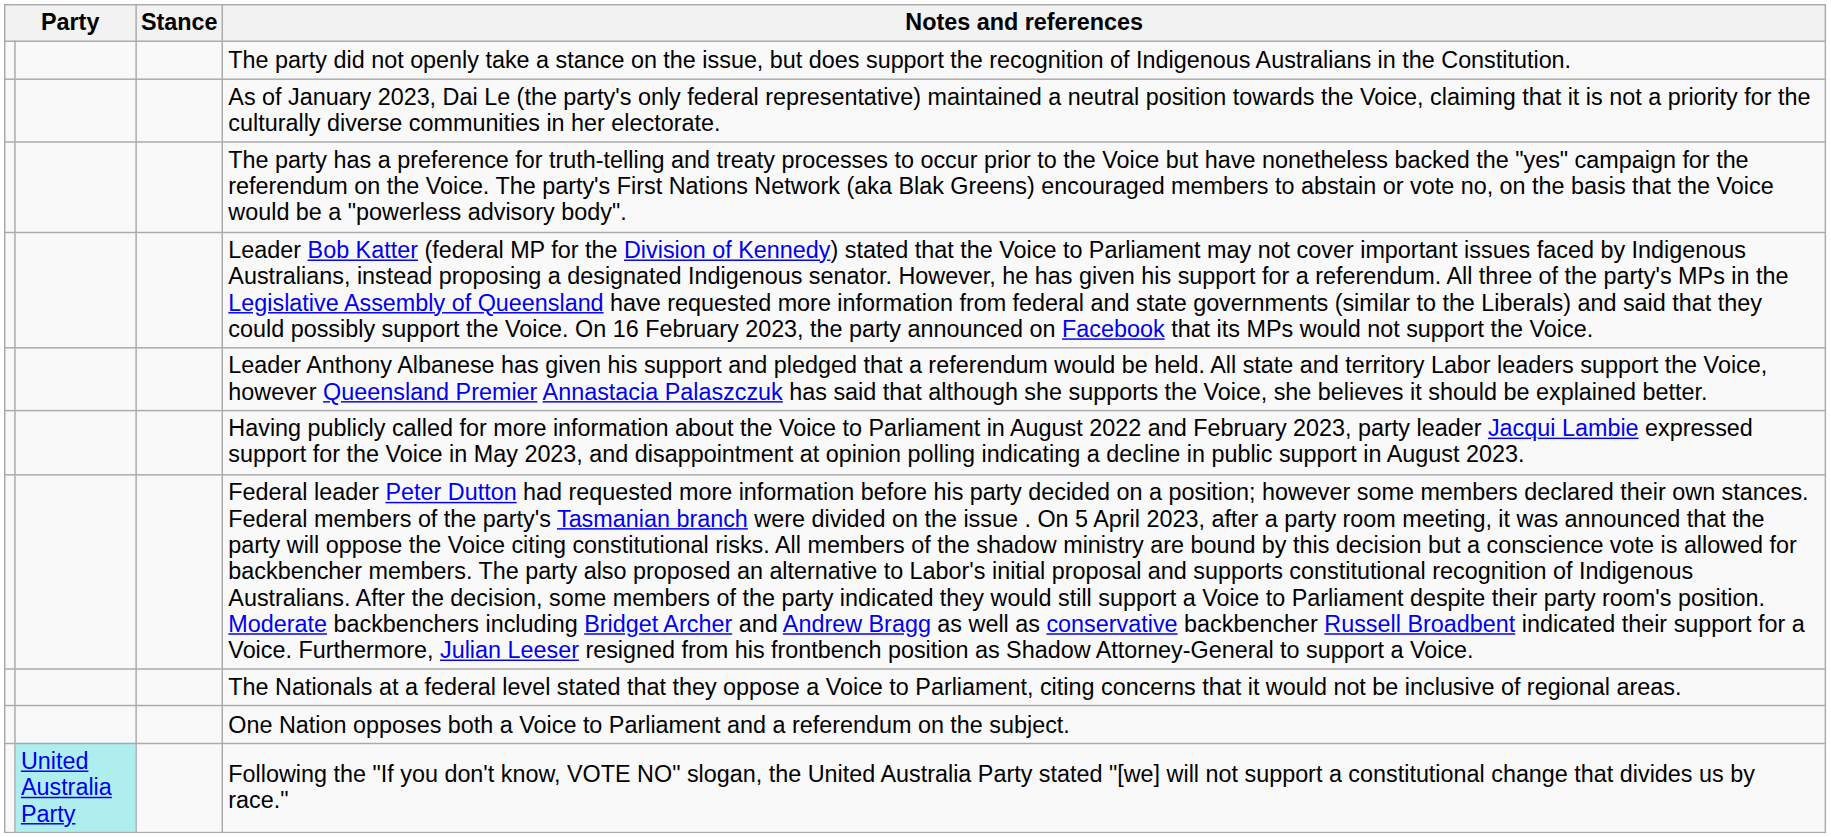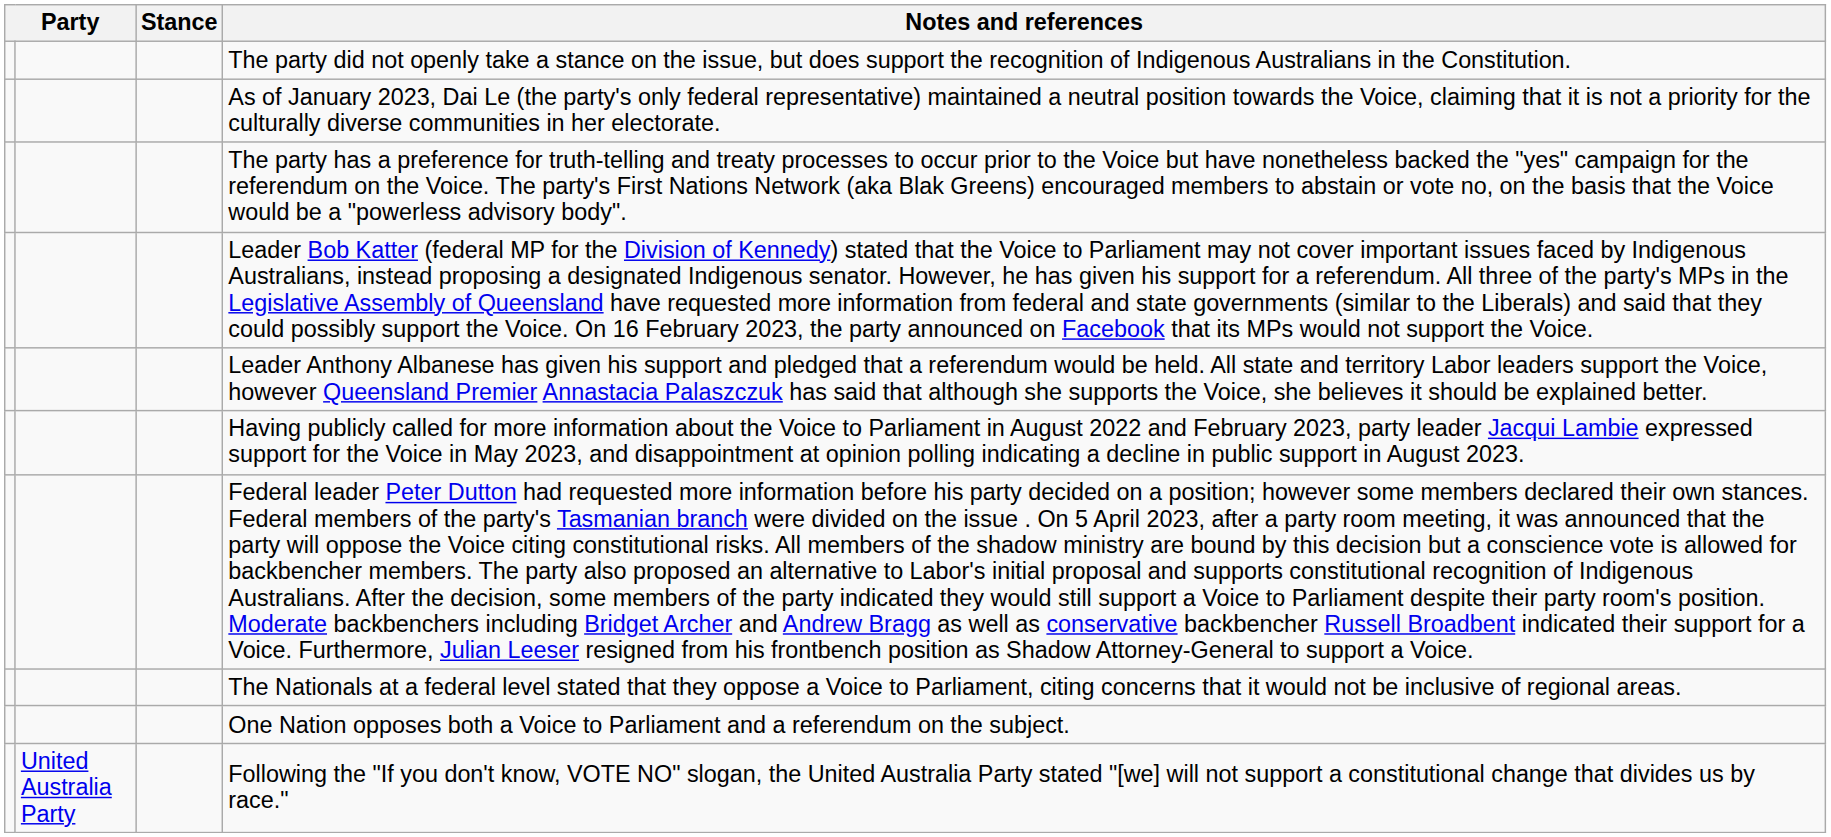 <table class="wikitable sortable">
 <tr>
 <th colspan="2">Party</th>
 <th>Stance</th>
 <th>Notes and references</th>
 </tr>
 <tr>
 <td></td>
 <td></td>
 <td></td>
 <td>The party did not openly take a stance on the issue, but does support the recognition of Indigenous Australians in the Constitution.</td>
 </tr>
 <tr>
 <td></td>
 <td></td>
 <td></td>
 <td>As of January 2023, Dai Le (the party's only federal representative) maintained a neutral position towards the Voice, claiming that it is not a priority for the culturally diverse communities in her electorate.</td>
 </tr>
 <tr>
 <td></td>
 <td></td>
 <td></td>
 <td>The party has a preference for truth-telling and treaty processes to occur prior to the Voice but have nonetheless backed the "yes" campaign for the referendum on the Voice. The party's First Nations Network (aka Blak Greens) encouraged members to abstain or vote no, on the basis that the Voice would be a "powerless advisory body".</td>
 </tr>
 <tr>
 <td></td>
 <td></td>
 <td></td>
 <td>Leader <a href='#'>Bob Katter</a> (federal MP for the <a href='#'>Division of Kennedy</a>) stated that the Voice to Parliament may not cover important issues faced by Indigenous Australians, instead proposing a designated Indigenous senator. However, he has given his support for a referendum. All three of the party's MPs in the <a href='#'>Legislative Assembly of Queensland</a> have requested more information from federal and state governments (similar to the Liberals) and said that they could possibly support the Voice. On 16 February 2023, the party announced on <a href='#'>Facebook</a> that its MPs would not support the Voice.</td>
 </tr>
 <tr>
 <td></td>
 <td></td>
 <td></td>
 <td>Leader Anthony Albanese has given his support and pledged that a referendum would be held. All state and territory Labor leaders support the Voice, however <a href='#'>Queensland Premier</a> <a href='#'>Annastacia Palaszczuk</a> has said that although she supports the Voice, she believes it should be explained better.</td>
 </tr>
 <tr>
 <td></td>
 <td></td>
 <td></td>
 <td>Having publicly called for more information about the Voice to Parliament in August 2022 and February 2023, party leader <a href='#'>Jacqui Lambie</a> expressed support for the Voice in May 2023, and disappointment at opinion polling indicating a decline in public support in August 2023.</td>
 </tr>
 <tr>
 <td></td>
 <td></td>
 <td></td>
 <td>Federal leader <a href='#'>Peter Dutton</a> had requested more information before his party decided on a position; however some members  declared their own stances. Federal members of the party's <a href='#'>Tasmanian branch</a> were divided on the issue . On 5 April 2023, after a party room meeting, it was announced that the party will oppose the Voice citing constitutional risks. All members of the shadow ministry are bound by this decision but a conscience vote is allowed for backbencher members. The party also proposed an alternative to Labor's initial proposal and supports constitutional recognition of Indigenous Australians. After the decision, some members of the party indicated they would still support a Voice to Parliament despite their party room's position. <a href='#'>Moderate</a> backbenchers including <a href='#'>Bridget Archer</a> and <a href='#'>Andrew Bragg</a> as well as <a href='#'>conservative</a> backbencher <a href='#'>Russell Broadbent</a> indicated their support for a Voice. Furthermore, <a href='#'>Julian Leeser</a> resigned from his frontbench position as Shadow Attorney-General to support a Voice.</td>
 </tr>
 <tr>
 <td></td>
 <td></td>
 <td></td>
 <td>The Nationals at a federal level stated that they oppose a Voice to Parliament, citing concerns that it would not be inclusive of regional areas.</td>
 </tr>
 <tr>
 <td></td>
 <td></td>
 <td></td>
 <td>One Nation opposes both a Voice to Parliament and a referendum on the subject.</td>
 </tr>
 <tr>
 <td></td>
-<td style="background: paleturquoise;"><a href='#'>United Australia Party</a></td>
+<td><a href='#'>United Australia Party</a></td>
 <td></td>
 <td>Following the "If you don't know, VOTE NO" slogan, the United Australia Party stated "[we] will not support a constitutional change that divides us by race."</td>
 </tr>
 </table>
